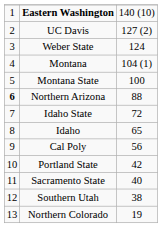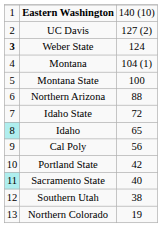 <table class="wikitable" style="display: inline-table;">
 <tr align="center">
 </tr>
 <tr align="center">
 <td>1</td>
 <td><strong>Eastern Washington</strong></td>
 <td>140 (10)</td>
 </tr>
 <tr align="center">
 <td>2</td>
 <td>UC Davis</td>
 <td>127 (2)</td>
 </tr>
 <tr align="center">
-<td>3</td>
+<td><strong>3</strong></td>
 <td>Weber State</td>
 <td>124</td>
 </tr>
 <tr align="center">
 <td>4</td>
 <td>Montana</td>
 <td>104 (1)</td>
 </tr>
 <tr align="center">
 <td>5</td>
 <td>Montana State</td>
 <td>100</td>
 </tr>
 <tr align="center">
-<td><strong>6</strong></td>
+<td>6</td>
 <td>Northern Arizona</td>
 <td>88</td>
 </tr>
 <tr align="center">
 <td>7</td>
 <td>Idaho State</td>
 <td>72</td>
 </tr>
 <tr align="center">
-<td>8</td>
+<td style="background: paleturquoise;">8</td>
 <td>Idaho</td>
 <td>65</td>
 </tr>
 <tr align="center">
 <td>9</td>
 <td>Cal Poly</td>
 <td>56</td>
 </tr>
 <tr align="center">
 <td>10</td>
 <td>Portland State</td>
 <td>42</td>
 </tr>
 <tr align="center">
-<td>11</td>
+<td style="background: paleturquoise;">11</td>
 <td>Sacramento State</td>
 <td>40</td>
 </tr>
 <tr align="center">
 <td>12</td>
 <td>Southern Utah</td>
 <td>38</td>
 </tr>
 <tr align="center">
 <td>13</td>
 <td>Northern Colorado</td>
 <td>19</td>
 </tr>
 </table>
